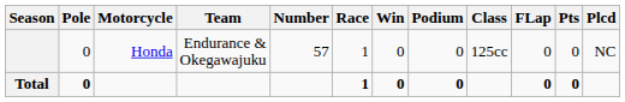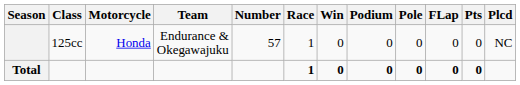 <table class="wikitable" style=text-align:right>
 <tr>
 <th>Season</th>
-<th>Pole</th>
+<th>Class</th>
 <th>Motorcycle</th>
 <th>Team</th>
 <th>Number</th>
 <th>Race</th>
 <th>Win</th>
 <th>Podium</th>
-<th>Class</th>
+<th>Pole</th>
 <th>FLap</th>
 <th>Pts</th>
 <th>Plcd</th>
 </tr>
 <tr>
 <th></th>
-<td>0</td>
+<td>125cc</td>
 <td><a href='#'>Honda</a></td>
 <td>Endurance & Okegawajuku</td>
 <td>57</td>
 <td>1</td>
 <td>0</td>
 <td>0</td>
-<td>125cc</td>
+<td>0</td>
 <td>0</td>
 <td>0</td>
 <td>NC</td>
 </tr>
 <tr>
 <th>Total</th>
-<td><strong>0</strong></td>
+<td></td>
 <td></td>
 <td></td>
 <td></td>
 <td><strong>1</strong></td>
 <td><strong>0</strong></td>
 <td><strong>0</strong></td>
-<td></td>
+<td><strong>0</strong></td>
 <td><strong>0</strong></td>
 <td><strong>0</strong></td>
 <td></td>
 </tr>
 </table>
